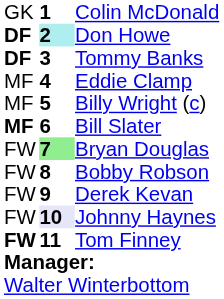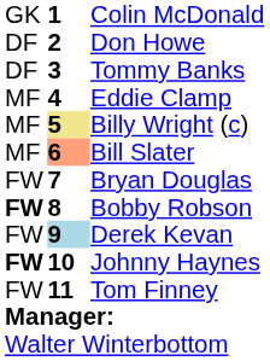 <table cellspacing="0" cellpadding="0" style="font-size:90%; margin:0.2em auto;">
 <tr>
 <th width="25"></th>
 <th width="25"></th>
 </tr>
 <tr>
 <td>GK</td>
 <td><strong>1</strong></td>
 <td><a href='#'>Colin McDonald</a></td>
 </tr>
 <tr>
-<td><strong>DF</strong></td>
-<td style="background: paleturquoise;"><strong>2</strong></td>
+<td>DF</td>
+<td><strong>2</strong></td>
 <td><a href='#'>Don Howe</a></td>
 </tr>
 <tr>
-<td><strong>DF</strong></td>
+<td>DF</td>
 <td><strong>3</strong></td>
 <td><a href='#'>Tommy Banks</a></td>
 </tr>
 <tr>
 <td>MF</td>
 <td><strong>4</strong></td>
 <td><a href='#'>Eddie Clamp</a></td>
 </tr>
 <tr>
 <td>MF</td>
-<td><strong>5</strong></td>
+<td style="background: khaki;"><strong>5</strong></td>
 <td><a href='#'>Billy Wright</a> (<a href='#'>c</a>)</td>
 </tr>
 <tr>
-<td><strong>MF</strong></td>
-<td><strong>6</strong></td>
+<td>MF</td>
+<td style="background: lightsalmon;"><strong>6</strong></td>
 <td><a href='#'>Bill Slater</a></td>
 </tr>
 <tr>
 <td>FW</td>
-<td style="background: lightgreen;"><strong>7</strong></td>
+<td><strong>7</strong></td>
 <td><a href='#'>Bryan Douglas</a></td>
 </tr>
 <tr>
-<td>FW</td>
+<td><strong>FW</strong></td>
 <td><strong>8</strong></td>
 <td><a href='#'>Bobby Robson</a></td>
 </tr>
 <tr>
 <td>FW</td>
-<td><strong>9</strong></td>
+<td style="background: lightblue;"><strong>9</strong></td>
 <td><a href='#'>Derek Kevan</a></td>
 </tr>
 <tr>
-<td>FW</td>
-<td style="background: lavender;"><strong>10</strong></td>
+<td><strong>FW</strong></td>
+<td><strong>10</strong></td>
 <td><a href='#'>Johnny Haynes</a></td>
 </tr>
 <tr>
-<td><strong>FW</strong></td>
+<td>FW</td>
 <td><strong>11</strong></td>
 <td><a href='#'>Tom Finney</a></td>
 </tr>
 <tr>
 <td colspan=3><strong>Manager:</strong></td>
 </tr>
 <tr>
 <td colspan=4><a href='#'>Walter Winterbottom</a></td>
 </tr>
 </table>
